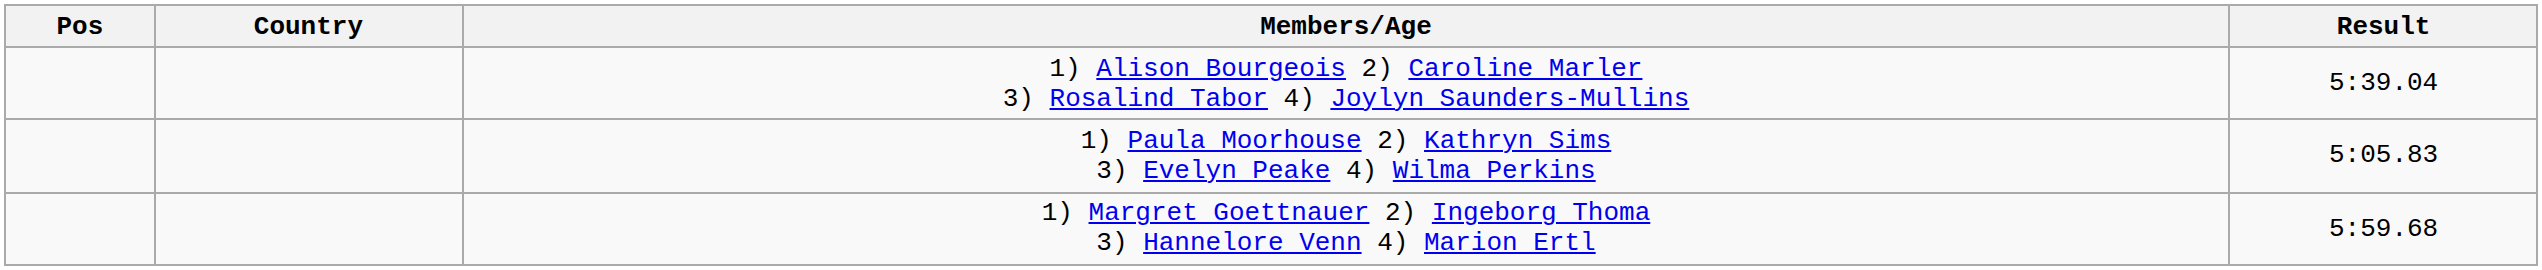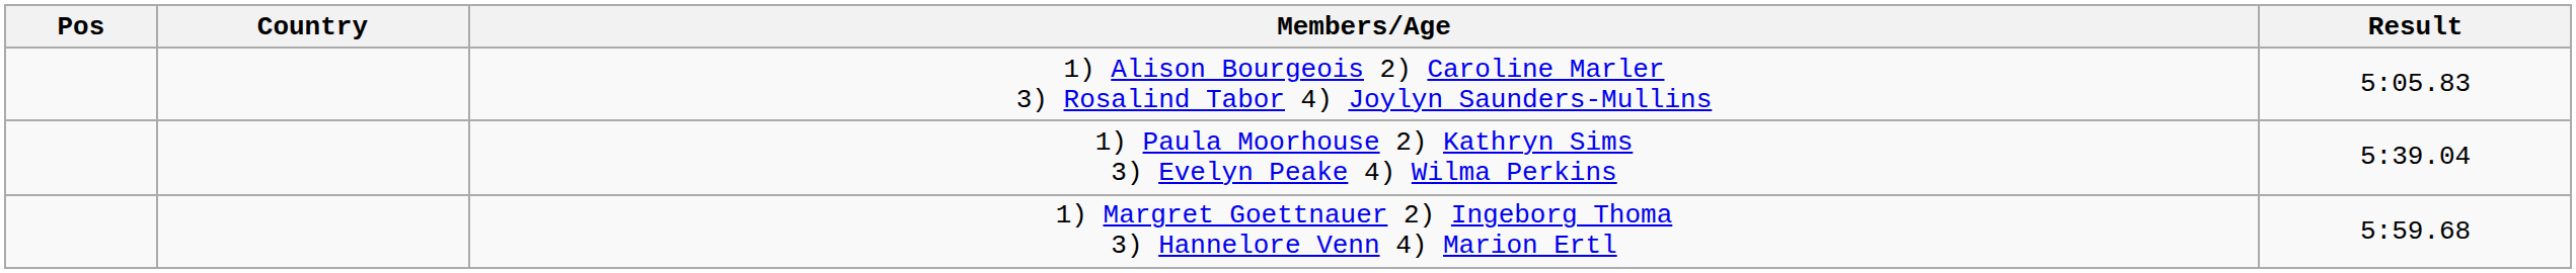 <table class="wikitable"  style="text-align:center; width:80%;">
 <tr>
 <th>Pos</th>
 <th>Country</th>
 <th>Members/Age</th>
 <th>Result</th>
 </tr>
 <tr>
 <td align=center></td>
 <td align=left></td>
 <td>1) <a href='#'>Alison Bourgeois</a> 2) <a href='#'>Caroline Marler</a><br>3) <a href='#'>Rosalind Tabor</a> 4) <a href='#'>Joylyn Saunders-Mullins</a></td>
-<td>5:39.04</td>
+<td>5:05.83</td>
 </tr>
 <tr>
 <td align=center></td>
 <td align=left></td>
 <td>1) <a href='#'>Paula Moorhouse</a> 2) <a href='#'>Kathryn Sims</a><br>3) <a href='#'>Evelyn Peake</a> 4) <a href='#'>Wilma Perkins</a></td>
-<td>5:05.83</td>
+<td>5:39.04</td>
 </tr>
 <tr>
 <td align=center></td>
 <td align=left></td>
 <td>1) <a href='#'>Margret Goettnauer</a> 2) <a href='#'>Ingeborg Thoma</a><br>3) <a href='#'>Hannelore Venn</a> 4) <a href='#'>Marion Ertl</a></td>
 <td>5:59.68</td>
 </tr>
 </table>
